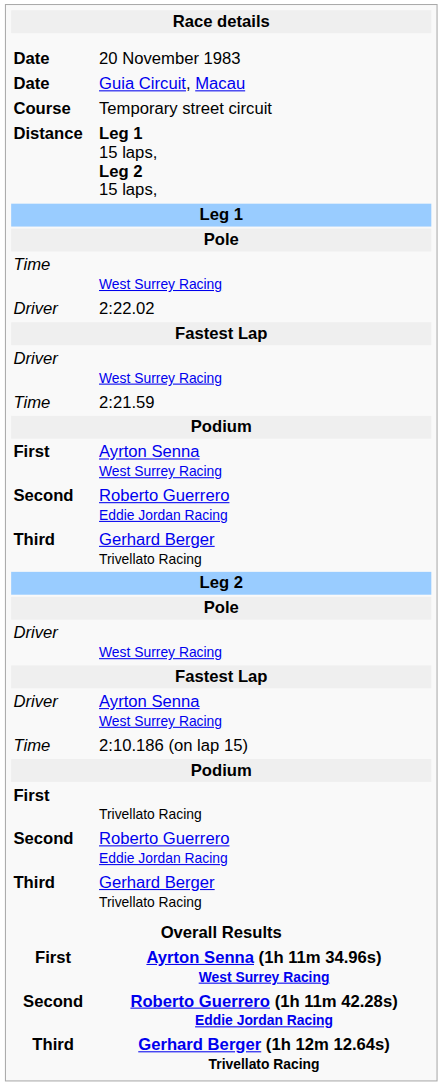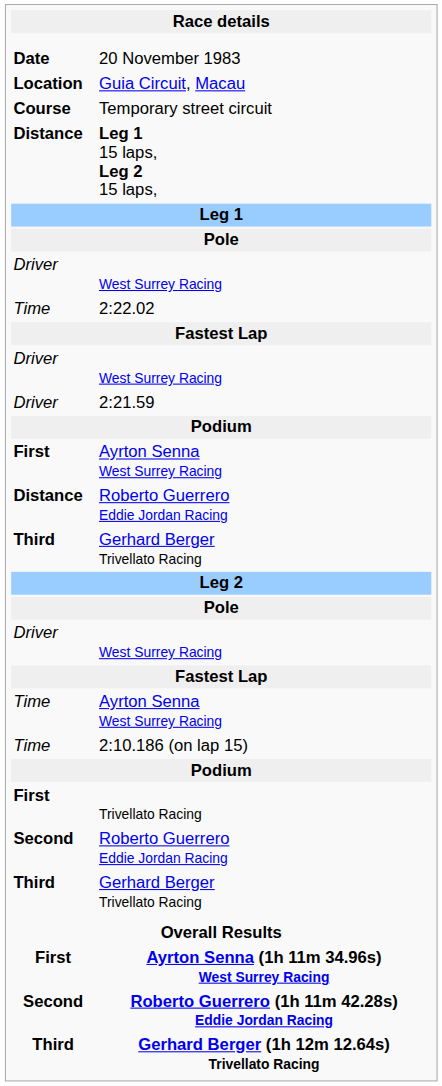 <table class="infobox" align="right" cellpadding="2" style="float:right; width: 26em; ">
 <tr>
 <th colspan="2" bgcolor="#efefef">Race details</th>
 </tr>
 <tr>
 <td colspan="2" style="text-align:center;"></td>
 </tr>
 <tr>
 <td colspan="2" style="text-align:center;"></td>
 </tr>
 <tr>
 <td style="width: 20%;"><strong>Date</strong></td>
 <td>20 November 1983</td>
 </tr>
 <tr>
-<td style="width: 20%;"><strong>Date</strong></td>
+<td><strong>Location</strong></td>
 <td><a href='#'>Guia Circuit</a>, <a href='#'>Macau</a></td>
 </tr>
 <tr>
 <td><strong>Course</strong></td>
 <td>Temporary street circuit<br></td>
 </tr>
 <tr>
 <td><strong>Distance</strong></td>
 <td><strong>Leg 1</strong><br>15 laps, <br><strong>Leg 2</strong><br>15 laps, </td>
 </tr>
 <tr>
 <td colspan="2" style="text-align:center; background-color:#99ccff"><strong>Leg 1</strong></td>
 </tr>
 <tr>
 <th colspan="2" bgcolor="#efefef">Pole</th>
 </tr>
 <tr>
-<td><em>Time</em></td>
+<td><em>Driver</em></td>
 <td><br><small><a href='#'>West Surrey Racing</a></small></td>
 </tr>
 <tr>
-<td><em>Driver</em></td>
+<td><em>Time</em></td>
 <td>2:22.02</td>
 </tr>
 <tr>
 <th colspan="2" bgcolor="#efefef">Fastest Lap</th>
 </tr>
 <tr>
 <td><em>Driver</em></td>
 <td><br><small><a href='#'>West Surrey Racing</a></small></td>
 </tr>
 <tr>
-<td><em>Time</em></td>
+<td><em>Driver</em></td>
 <td>2:21.59</td>
 </tr>
 <tr>
 <th colspan="2" bgcolor="#efefef">Podium</th>
 </tr>
 <tr>
 <td><strong>First</strong></td>
 <td> <a href='#'>Ayrton Senna</a><br><small><a href='#'>West Surrey Racing</a></small></td>
 </tr>
 <tr>
-<td><strong>Second</strong></td>
+<td><strong>Distance</strong></td>
 <td> <a href='#'>Roberto Guerrero</a><br><small><a href='#'>Eddie Jordan Racing</a></small></td>
 </tr>
 <tr>
 <td><strong>Third</strong></td>
 <td> <a href='#'>Gerhard Berger</a><br><small>Trivellato Racing</small></td>
 </tr>
 <tr>
 <td colspan="2" style="text-align:center; background-color:#99ccff"><strong>Leg 2</strong></td>
 </tr>
 <tr>
 <th colspan="2" bgcolor="#efefef">Pole</th>
 </tr>
 <tr>
 <td><em>Driver</em></td>
 <td><br><small><a href='#'>West Surrey Racing</a></small></td>
 </tr>
 <tr>
 <th colspan="2" bgcolor="#efefef">Fastest Lap</th>
 </tr>
 <tr>
-<td><em>Driver</em></td>
+<td><em>Time</em></td>
 <td> <a href='#'>Ayrton Senna</a> <br><small><a href='#'>West Surrey Racing</a></small></td>
 </tr>
 <tr>
 <td><em>Time</em></td>
 <td>2:10.186 (on lap 15)</td>
 </tr>
 <tr>
 <th colspan="2" bgcolor="#efefef">Podium</th>
 </tr>
 <tr>
 <td><strong>First</strong></td>
 <td><br><small>Trivellato Racing</small></td>
 </tr>
 <tr>
 <td><strong>Second</strong></td>
 <td> <a href='#'>Roberto Guerrero</a><br><small><a href='#'>Eddie Jordan Racing</a></small></td>
 </tr>
 <tr>
 <td><strong>Third</strong></td>
 <td> <a href='#'>Gerhard Berger</a><br><small>Trivellato Racing</small></td>
 </tr>
 <tr>
 <th colspan="2"></th>
 </tr>
 <tr>
 <th colspan="2">Overall Results</th>
 </tr>
 <tr>
 <th>First</th>
 <th> <a href='#'>Ayrton Senna</a> (1h 11m 34.96s)<br><small><a href='#'>West Surrey Racing</a></small></th>
 </tr>
 <tr>
 <th>Second</th>
 <th> <a href='#'>Roberto Guerrero</a> (1h 11m 42.28s)<br><small><a href='#'>Eddie Jordan Racing</a></small></th>
 </tr>
 <tr>
 <th>Third</th>
 <th> <a href='#'>Gerhard Berger</a> (1h 12m 12.64s)<br><small>Trivellato Racing</small></th>
 </tr>
 </table>
